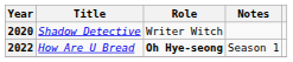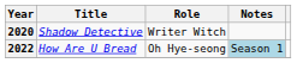 <table class="wikitable plainrowheaders">
 <tr>
 <th scope="col">Year</th>
 <th scope="col">Title</th>
 <th scope="col">Role</th>
 <th>Notes</th>
 <th scope="col" class="unsortable"></th>
 </tr>
 <tr>
 <th scope="row">2020</th>
 <td><em><a href='#'>Shadow Detective</a></em></td>
 <td>Writer Witch</td>
 <td></td>
 <td></td>
 </tr>
 <tr>
 <th scope="row">2022</th>
 <td><em><a href='#'>How Are U Bread</a></em></td>
-<td><strong>Oh Hye-seong</strong></td>
-<td>Season 1</td>
+<td>Oh Hye-seong</td>
+<td style="background: lightblue;">Season 1</td>
 <td></td>
 </tr>
 <tr>
 </tr>
 </table>
